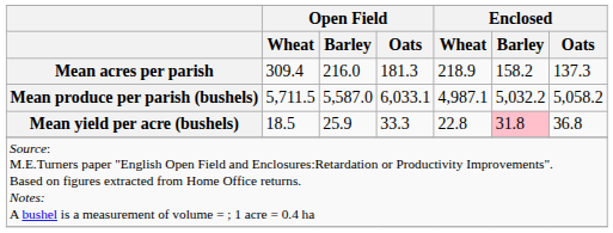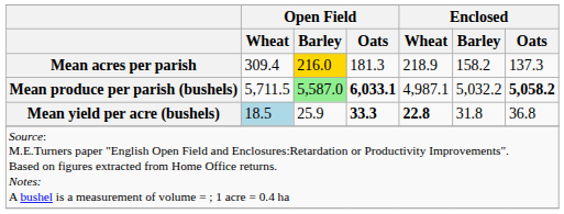 <table class="wikitable" align="center" cellpadding="1" cellspacing="1" align="center" style="margin:0 0 1em 1em">
 <tr>
 </tr>
 <tr>
 <th colspan=1> </th>
 <th colspan=3 align="center">Open Field</th>
 <th colspan=3 align="center">Enclosed</th>
 </tr>
 <tr>
 <th></th>
 <th>Wheat</th>
 <th>Barley</th>
 <th>Oats</th>
 <th>Wheat</th>
 <th>Barley</th>
 <th>Oats</th>
 </tr>
 <tr>
 <th>Mean acres per parish</th>
 <td>309.4</td>
-<td>216.0</td>
+<td style="background: gold;">216.0</td>
 <td>181.3</td>
 <td>218.9</td>
 <td>158.2</td>
 <td>137.3</td>
 </tr>
 <tr>
 <th>Mean produce per parish (bushels)</th>
 <td>5,711.5</td>
-<td>5,587.0</td>
-<td>6,033.1</td>
+<td style="background: lightgreen;">5,587.0</td>
+<td><strong>6,033.1</strong></td>
 <td>4,987.1</td>
 <td>5,032.2</td>
-<td>5,058.2</td>
+<td><strong>5,058.2</strong></td>
 </tr>
 <tr>
 <th>Mean yield per acre (bushels)</th>
-<td>18.5</td>
+<td style="background: lightblue;">18.5</td>
 <td>25.9</td>
-<td>33.3</td>
-<td>22.8</td>
-<td style="background: pink;">31.8</td>
+<td><strong>33.3</strong></td>
+<td><strong>22.8</strong></td>
+<td>31.8</td>
 <td>36.8</td>
 </tr>
 <tr>
 </tr>
 <tr>
 </tr>
 <tr>
 <td colspan="7" style="font-size: small"><em>Source</em>:<br>M.E.Turners paper "English Open Field and Enclosures:Retardation or Productivity Improvements".<br> Based on figures extracted from Home Office returns.<br><em>Notes:</em><br> A <a href='#'>bushel</a> is a measurement of volume = ; 1 acre = 0.4 ha</td>
 </tr>
 <tr>
 </tr>
 </table>
